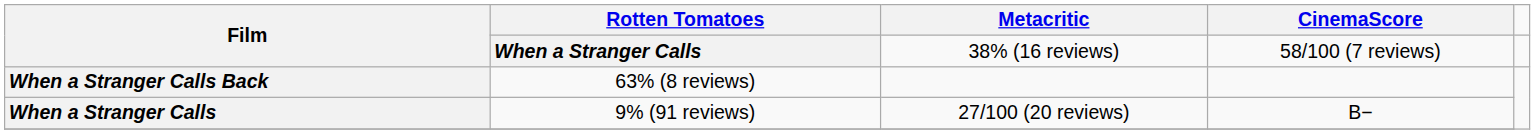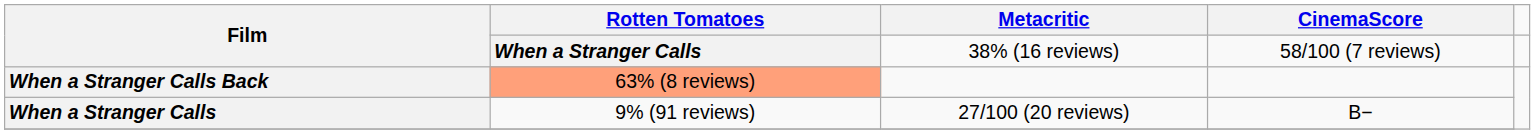 <table class="wikitable sortable" width=99% border="1" style="text-align: center;">
 <tr>
 <th rowspan="2">Film</th>
 <th><a href='#'>Rotten Tomatoes</a></th>
 <th><a href='#'>Metacritic</a></th>
 <th><a href='#'>CinemaScore</a></th>
 </tr>
 <tr>
 <th style="text-align: left;"><em>When a Stranger Calls</em> </th>
 <td>38% (16 reviews) </td>
 <td>58/100 (7 reviews)</td>
 <td></td>
 </tr>
 <tr>
 <th style="text-align: left;"><em>When a Stranger Calls Back</em></th>
-<td>63% (8 reviews)</td>
+<td style="background: lightsalmon;">63% (8 reviews)</td>
 <td></td>
 <td></td>
 </tr>
 <tr>
 <th style="text-align: left;"><em>When a Stranger Calls</em> </th>
 <td>9% (91 reviews)</td>
 <td>27/100 (20 reviews)</td>
 <td>B−</td>
 </tr>
 <tr>
 </tr>
 </table>
